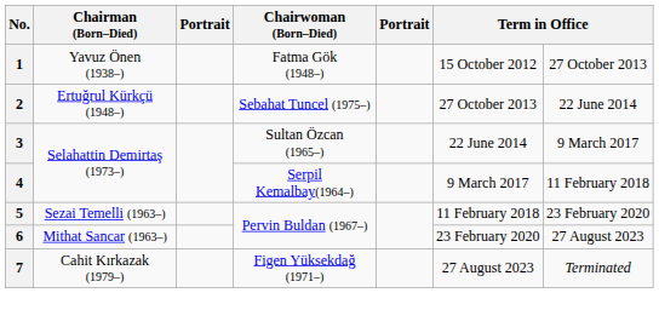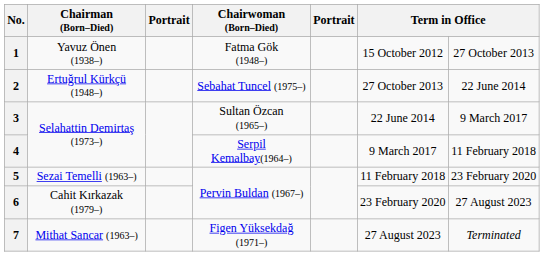 <table class="wikitable" style="text-align:center">
 <tr>
 <th>No.</th>
 <th width="150">Chairman<br><small>(Born–Died)</small></th>
 <th>Portrait</th>
 <th width="150">Chairwoman<br><small>(Born–Died)</small></th>
 <th>Portrait</th>
 <th colspan="2">Term in Office</th>
 </tr>
 <tr>
 <th style="background:">1</th>
 <td>Yavuz Önen<br><small>(1938–)</small></td>
 <td></td>
 <td>Fatma Gök<br><small>(1948–)</small></td>
 <td></td>
 <td>15 October 2012</td>
 <td>27 October 2013</td>
 </tr>
 <tr>
 <th style="background:">2</th>
 <td><a href='#'>Ertuğrul Kürkçü</a> <small>(1948–)</small></td>
 <td></td>
 <td><a href='#'>Sebahat Tuncel</a> <small>(1975–)</small></td>
 <td></td>
 <td>27 October 2013</td>
 <td>22 June 2014</td>
 </tr>
 <tr>
 <th style="background:">3</th>
 <td rowspan="2"><a href='#'>Selahattin Demirtaş</a> <small>(1973–)</small></td>
 <td rowspan="2"></td>
 <td>Sultan Özcan<br><small>(1965–)</small></td>
 <td></td>
 <td>22 June 2014</td>
 <td>9 March 2017</td>
 </tr>
 <tr>
 <th style="background:">4</th>
 <td><a href='#'>Serpil Kemalbay</a><small>(1964–)</small></td>
 <td></td>
 <td>9 March 2017</td>
 <td>11 February 2018</td>
 </tr>
 <tr>
 <th style="background:">5</th>
 <td><a href='#'>Sezai Temelli</a> <small>(1963–)</small></td>
 <td></td>
 <td rowspan="2"><a href='#'>Pervin Buldan</a> <small>(1967–)</small></td>
 <td rowspan="2"></td>
 <td>11 February 2018</td>
 <td>23 February 2020</td>
 </tr>
 <tr>
 <th style="background:">6</th>
-<td rowspan="1"><a href='#'>Mithat Sancar</a> <small>(1963–)</small></td>
+<td>Cahit Kırkazak<br><small>(1979–)</small></td>
 <td rowspan="1"></td>
 <td>23 February 2020</td>
 <td>27 August 2023</td>
 </tr>
 <tr>
 <th style="background:">7</th>
-<td>Cahit Kırkazak<br><small>(1979–)</small></td>
+<td rowspan="1"><a href='#'>Mithat Sancar</a> <small>(1963–)</small></td>
 <td></td>
 <td><a href='#'>Figen Yüksekdağ</a> <small>(1971–)</small></td>
 <td></td>
 <td>27 August 2023</td>
 <td><em>Terminated</em></td>
 </tr>
 </table>
